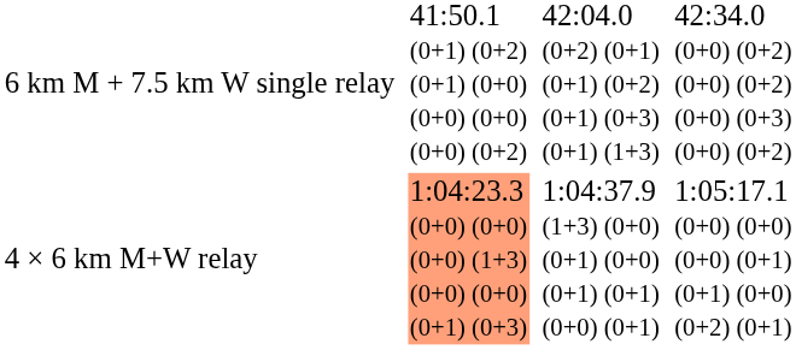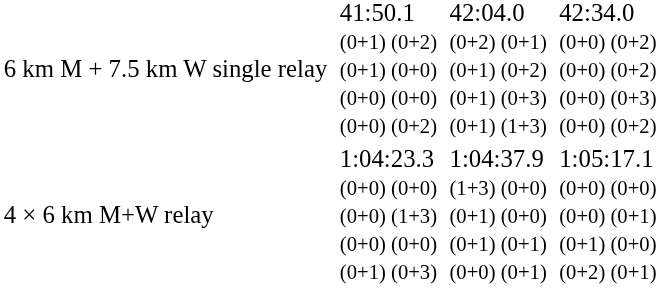 <table>
 <tr>
 <td>6 km M + 7.5 km W single relay<br><em></em></td>
 <td></td>
 <td>41:50.1<br><small>(0+1) (0+2)<br>(0+1) (0+0)<br>(0+0) (0+0)<br>(0+0) (0+2)</small></td>
 <td></td>
 <td>42:04.0<br><small>(0+2) (0+1)<br>(0+1) (0+2)<br>(0+1) (0+3)<br>(0+1) (1+3)</small></td>
 <td></td>
 <td>42:34.0<br><small>(0+0) (0+2)<br>(0+0) (0+2)<br>(0+0) (0+3)<br>(0+0) (0+2)</small></td>
 </tr>
 <tr>
 <td>4 × 6 km M+W relay<br><em></em></td>
 <td></td>
-<td style="background: lightsalmon;">1:04:23.3<br><small>(0+0) (0+0)<br>(0+0) (1+3)<br>(0+0) (0+0)<br>(0+1) (0+3)</small></td>
+<td>1:04:23.3<br><small>(0+0) (0+0)<br>(0+0) (1+3)<br>(0+0) (0+0)<br>(0+1) (0+3)</small></td>
 <td></td>
 <td>1:04:37.9<br><small>(1+3) (0+0)<br>(0+1) (0+0)<br>(0+1) (0+1)<br>(0+0) (0+1)</small></td>
 <td></td>
 <td>1:05:17.1<br><small>(0+0) (0+0)<br>(0+0) (0+1)<br>(0+1) (0+0)<br>(0+2) (0+1)</small></td>
 </tr>
 </table>
